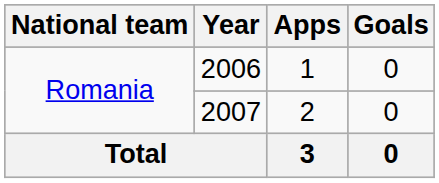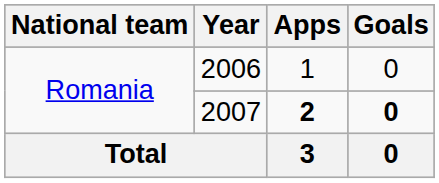 <table class="wikitable" style="text-align:center">
 <tr>
 <th>National team</th>
 <th>Year</th>
 <th>Apps</th>
 <th>Goals</th>
 </tr>
 <tr>
 <td rowspan="2"><a href='#'>Romania</a></td>
 <td>2006</td>
 <td>1</td>
 <td>0</td>
 </tr>
 <tr>
 <td>2007</td>
-<td>2</td>
-<td>0</td>
+<td><strong>2</strong></td>
+<td><strong>0</strong></td>
 </tr>
 <tr>
 <th colspan="2">Total</th>
 <th>3</th>
 <th>0</th>
 </tr>
 </table>
